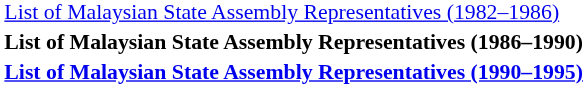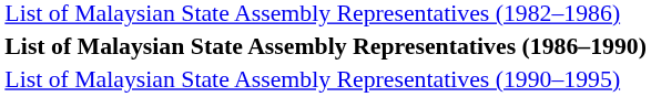 <table id=toc style="float:right">
 <tr>
 <td><a href='#'>List of Malaysian State Assembly Representatives (1982–1986)</a></td>
 </tr>
 <tr>
 <td><strong>List of Malaysian State Assembly Representatives (1986–1990)</strong></td>
 </tr>
 <tr>
-<td><strong><a href='#'>List of Malaysian State Assembly Representatives (1990–1995)</a></strong></td>
+<td><a href='#'>List of Malaysian State Assembly Representatives (1990–1995)</a></td>
 </tr>
 </table>
